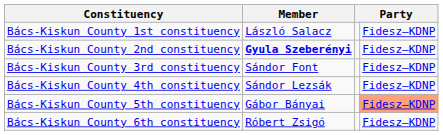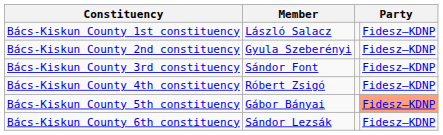 <table class="wikitable">
 <tr>
 <th>Constituency</th>
 <th>Member</th>
 <th colspan="2">Party</th>
 </tr>
 <tr>
 <td><a href='#'>Bács-Kiskun County 1st constituency</a></td>
 <td><a href='#'>László Salacz</a></td>
 <td style="background-color: "></td>
 <td><a href='#'>Fidesz–KDNP</a></td>
 </tr>
 <tr>
 <td><a href='#'>Bács-Kiskun County 2nd constituency</a></td>
-<td><strong><a href='#'>Gyula Szeberényi</a></strong></td>
+<td><a href='#'>Gyula Szeberényi</a></td>
 <td style="background-color: "></td>
 <td><a href='#'>Fidesz–KDNP</a></td>
 </tr>
 <tr>
 <td><a href='#'>Bács-Kiskun County 3rd constituency</a></td>
 <td><a href='#'>Sándor Font</a></td>
 <td style="background-color: "></td>
 <td><a href='#'>Fidesz–KDNP</a></td>
 </tr>
 <tr>
 <td><a href='#'>Bács-Kiskun County 4th constituency</a></td>
-<td><a href='#'>Sándor Lezsák</a></td>
+<td><a href='#'>Róbert Zsigó</a></td>
 <td style="background-color: "></td>
 <td><a href='#'>Fidesz–KDNP</a></td>
 </tr>
 <tr>
 <td><a href='#'>Bács-Kiskun County 5th constituency</a></td>
 <td><a href='#'>Gábor Bányai</a></td>
 <td style="background-color: "></td>
 <td style="background: lightsalmon;"><a href='#'>Fidesz–KDNP</a></td>
 </tr>
 <tr>
 <td><a href='#'>Bács-Kiskun County 6th constituency</a></td>
-<td><a href='#'>Róbert Zsigó</a></td>
+<td><a href='#'>Sándor Lezsák</a></td>
 <td style="background-color: "></td>
 <td><a href='#'>Fidesz–KDNP</a></td>
 </tr>
 </table>
